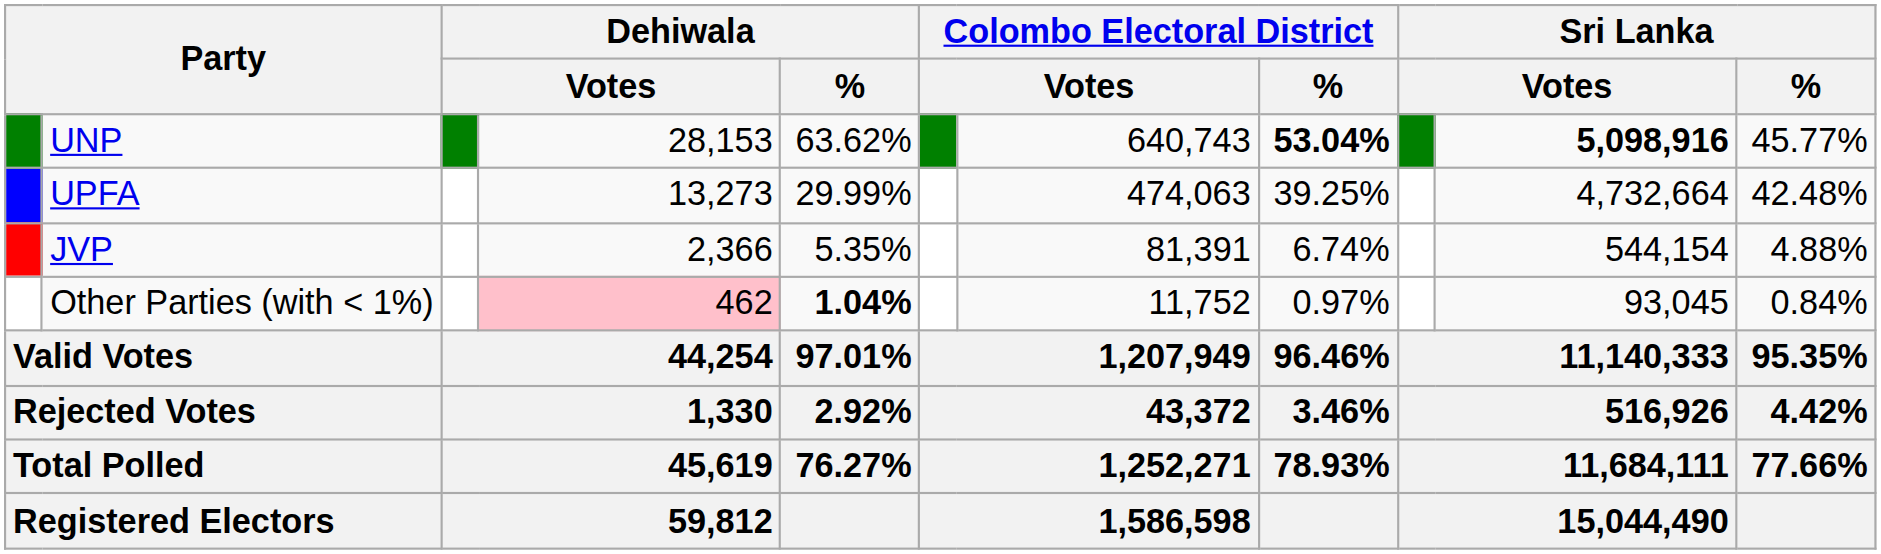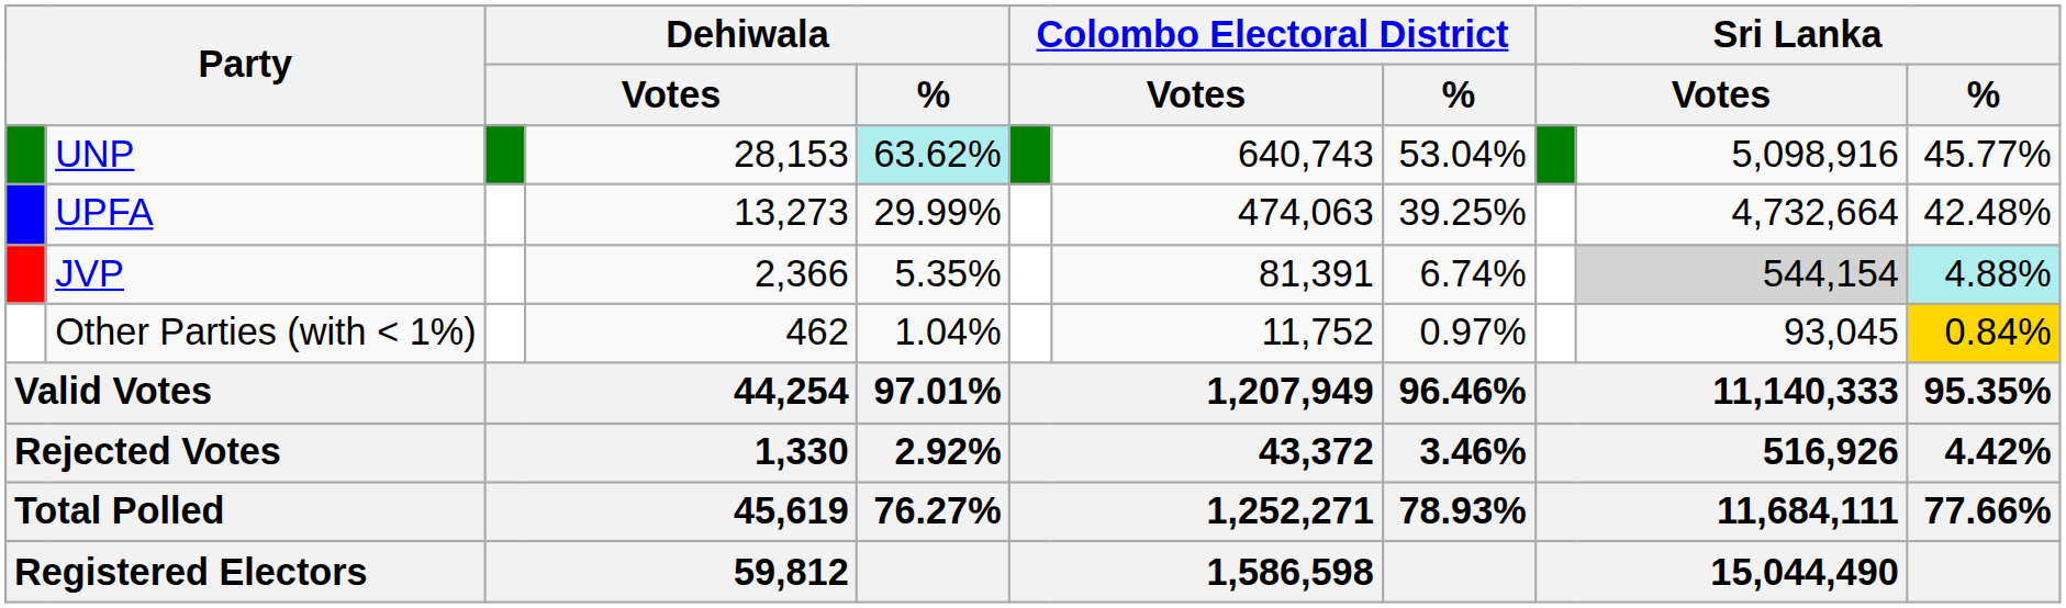 <table class="wikitable">
 <tr>
 <th colspan="2" width="144px"rowspan="2">Party</th>
 <th colspan="3" width="216px">Dehiwala</th>
 <th colspan="3" width="216px"><a href='#'>Colombo Electoral District</a></th>
 <th colspan="3" width="216px">Sri Lanka</th>
 </tr>
 <tr>
 <th colspan="2" width="144px">Votes</th>
 <th>%</th>
 <th colspan="2" width="144px">Votes</th>
 <th>%</th>
 <th colspan="2" width="144px">Votes</th>
 <th>%</th>
 </tr>
 <tr>
 <td style="background-color:green;" width="10px"></td>
 <td style="text-align:left;"><a href='#'>UNP</a></td>
 <td style="background-color:green;" width="10px"></td>
 <td style="text-align:right;">28,153</td>
-<td style="text-align:right;">63.62%</td>
+<td style="background: paleturquoise; text-align:right;">63.62%</td>
 <td style="background-color:green;" width="10px"></td>
 <td style="text-align:right;">640,743</td>
-<td style="text-align:right;"><strong>53.04%</strong></td>
+<td style="text-align:right;">53.04%</td>
 <td style="background-color:green;" width="10px"></td>
-<td style="text-align:right;"><strong>5,098,916</strong></td>
+<td style="text-align:right;">5,098,916</td>
 <td style="text-align:right;">45.77%</td>
 </tr>
 <tr>
 <td style="background-color:blue;" width="10px"></td>
 <td style="text-align:left;"><a href='#'>UPFA</a></td>
 <td style="background-color:white;" width="10px"></td>
 <td style="text-align:right;">13,273</td>
 <td style="text-align:right;">29.99%</td>
 <td style="background-color:white;" width="10px"></td>
 <td style="text-align:right;">474,063</td>
 <td style="text-align:right;">39.25%</td>
 <td style="background-color:white;" width="10px"></td>
 <td style="text-align:right;">4,732,664</td>
 <td style="text-align:right;">42.48%</td>
 </tr>
 <tr>
 <td style="background-color:red;" width="10px"></td>
 <td style="text-align:left;"><a href='#'>JVP</a></td>
 <td style="background-color:white;" width="10px"></td>
 <td style="text-align:right;">2,366</td>
 <td style="text-align:right;">5.35%</td>
 <td style="background-color:white;" width="10px"></td>
 <td style="text-align:right;">81,391</td>
 <td style="text-align:right;">6.74%</td>
 <td style="background-color:white;" width="10px"></td>
-<td style="text-align:right;">544,154</td>
-<td style="text-align:right;">4.88%</td>
+<td style="background: lightgrey; text-align:right;">544,154</td>
+<td style="background: paleturquoise; text-align:right;">4.88%</td>
 </tr>
 <tr>
 <td style="background-color:white;" width="10px"></td>
 <td style="text-align:left;">Other Parties (with < 1%)</td>
 <td style="background-color:white;" width="10px"></td>
-<td style="background: pink; text-align:right;">462</td>
-<td style="text-align:right;"><strong>1.04%</strong></td>
+<td style="text-align:right;">462</td>
+<td style="text-align:right;">1.04%</td>
 <td style="background-color:white;" width="10px"></td>
 <td style="text-align:right;">11,752</td>
 <td style="text-align:right;">0.97%</td>
 <td style="background-color:white;" width="10px"></td>
 <td style="text-align:right;">93,045</td>
-<td style="text-align:right;">0.84%</td>
+<td style="background: gold; text-align:right;">0.84%</td>
 </tr>
 <tr>
 <th colspan="2" width="144px"style="text-align:left;">Valid Votes</th>
 <th style="text-align:right;"colspan="2" width="144px">44,254</th>
 <th style="text-align:right;">97.01%</th>
 <th style="text-align:right;"colspan="2" width="144px">1,207,949</th>
 <th style="text-align:right;">96.46%</th>
 <th style="text-align:right;"colspan="2" width="144px">11,140,333</th>
 <th style="text-align:right;">95.35%</th>
 </tr>
 <tr>
 <th colspan="2" width="144px"style="text-align:left;">Rejected Votes</th>
 <th style="text-align:right;"colspan="2" width="144px">1,330</th>
 <th style="text-align:right;">2.92%</th>
 <th style="text-align:right;"colspan="2" width="144px">43,372</th>
 <th style="text-align:right;">3.46%</th>
 <th style="text-align:right;"colspan="2" width="144px">516,926</th>
 <th style="text-align:right;">4.42%</th>
 </tr>
 <tr>
 <th colspan="2" width="144px"style="text-align:left;">Total Polled</th>
 <th style="text-align:right;"colspan="2" width="144px">45,619</th>
 <th style="text-align:right;">76.27%</th>
 <th style="text-align:right;"colspan="2" width="144px">1,252,271</th>
 <th style="text-align:right;">78.93%</th>
 <th style="text-align:right;"colspan="2" width="144px">11,684,111</th>
 <th style="text-align:right;">77.66%</th>
 </tr>
 <tr>
 <th colspan="2" width="144px"style="text-align:left;">Registered Electors</th>
 <th style="text-align:right;"colspan="2" width="144px">59,812</th>
 <th></th>
 <th style="text-align:right;"colspan="2" width="144px">1,586,598</th>
 <th></th>
 <th style="text-align:right;"colspan="2" width="144px">15,044,490</th>
 <th></th>
 </tr>
 </table>
